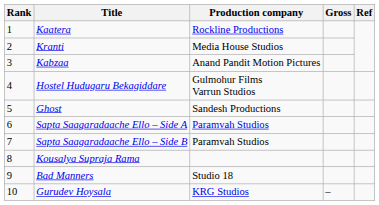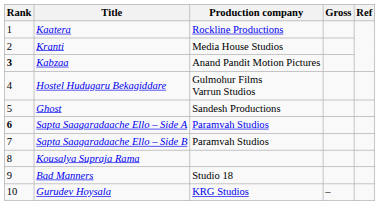 <table class="wikitable sortable">
 <tr>
 <th>Rank</th>
 <th>Title</th>
 <th>Production company</th>
 <th>Gross</th>
 <th>Ref</th>
 </tr>
 <tr>
 <td>1</td>
 <td><em><a href='#'>Kaatera</a></em></td>
 <td><a href='#'>Rockline Productions</a></td>
 <td></td>
 <td rowspan="3"></td>
 </tr>
 <tr>
 <td>2</td>
 <td><em><a href='#'>Kranti</a></em></td>
 <td rowspan="1">Media House Studios</td>
 <td></td>
 </tr>
 <tr>
-<td>3</td>
+<td><strong>3</strong></td>
 <td><a href='#'><em>Kabzaa</em></a></td>
 <td rowspan="1">Anand Pandit Motion Pictures</td>
 <td></td>
 </tr>
 <tr>
 <td>4</td>
 <td><em><a href='#'>Hostel Hudugaru Bekagiddare</a></em></td>
 <td rowspan="1">Gulmohur Films<br>Varrun Studios</td>
 <td></td>
 <td></td>
 </tr>
 <tr>
 <td>5</td>
 <td><em><a href='#'>Ghost</a></em></td>
 <td rowspan="1">Sandesh Productions</td>
 <td></td>
 <td></td>
 </tr>
 <tr>
-<td>6</td>
+<td><strong>6</strong></td>
 <td><em><a href='#'>Sapta Saagaradaache Ello – Side A</a></em></td>
 <td><a href='#'>Paramvah Studios</a></td>
 <td></td>
 <td></td>
 </tr>
 <tr>
 <td>7</td>
 <td><em><a href='#'>Sapta Saagaradaache Ello – Side B</a></em></td>
 <td>Paramvah Studios</td>
 <td></td>
 <td></td>
 </tr>
 <tr>
 <td>8</td>
 <td><em><a href='#'>Kousalya Supraja Rama</a></em></td>
 <td></td>
 <td></td>
 <td></td>
 </tr>
 <tr>
 <td>9</td>
 <td><em><a href='#'>Bad Manners</a></em></td>
 <td>Studio 18</td>
 <td></td>
 <td></td>
 </tr>
 <tr>
 <td>10</td>
 <td><em><a href='#'>Gurudev Hoysala</a></em></td>
 <td><a href='#'>KRG Studios</a></td>
 <td>–</td>
 <td></td>
 </tr>
 </table>
